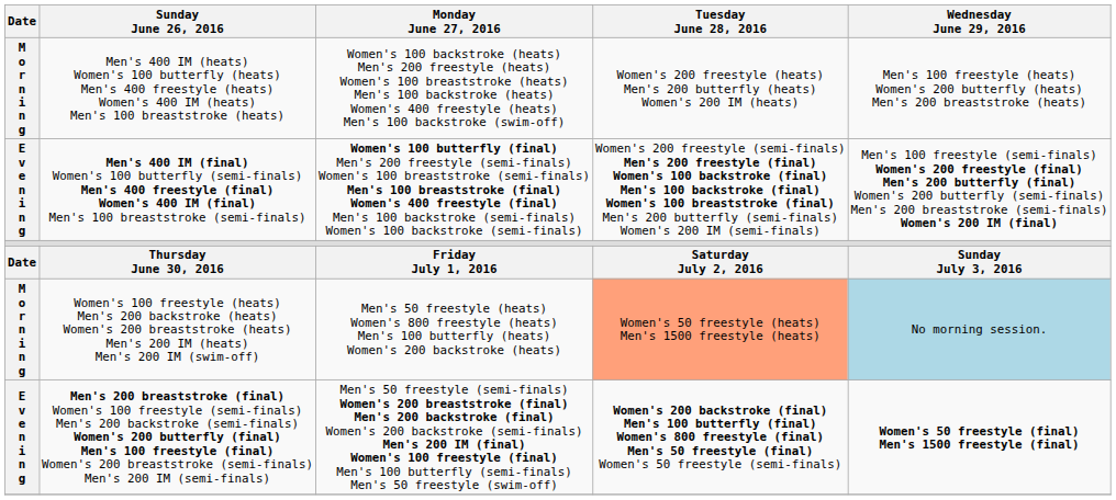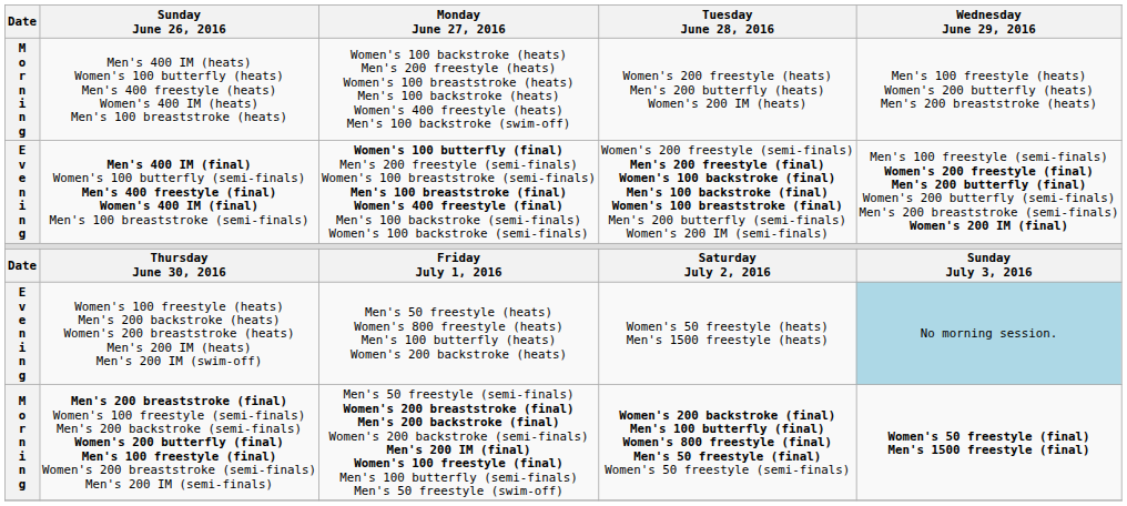 <table class=wikitable style="text-align:center">
 <tr bgcolor=#DDDDDD>
 <th>Date</th>
 <th>Sunday<br> June 26, 2016</th>
 <th>Monday <br> June 27, 2016</th>
 <th>Tuesday <br> June 28, 2016</th>
 <th>Wednesday <br> June 29, 2016</th>
 </tr>
 <tr>
 <th><strong>M<br> o<br> r<br> n<br> i<br> n<br> g</strong></th>
 <td>Men's 400 IM (heats)<br>Women's 100 butterfly (heats)<br>Men's 400 freestyle (heats)<br>Women's 400 IM (heats)<br>Men's 100 breaststroke (heats)</td>
 <td>Women's 100 backstroke (heats)<br>Men's 200 freestyle (heats)<br>Women's 100 breaststroke (heats)<br>Men's 100 backstroke (heats)<br>Women's 400 freestyle (heats)<br>Men's 100 backstroke (swim-off)</td>
 <td>Women's 200 freestyle (heats)<br>Men's 200 butterfly (heats)<br>Women's 200 IM (heats)</td>
 <td>Men's 100 freestyle (heats)<br>Women's 200 butterfly (heats)<br>Men's 200 breaststroke (heats)</td>
 </tr>
 <tr>
 <th><strong>E<br> v<br> e<br> n<br> i<br> n<br> g</strong></th>
 <td><strong>Men's 400 IM (final)</strong><br>Women's 100 butterfly (semi-finals)<br><strong>Men's 400 freestyle (final)</strong><br><strong>Women's 400 IM (final)</strong><br>Men's 100 breaststroke (semi-finals)</td>
 <td><strong>Women's 100 butterfly (final)</strong><br>Men's 200 freestyle (semi-finals)<br>Women's 100 breaststroke (semi-finals)<br><strong>Men's 100 breaststroke (final)</strong><br><strong>Women's 400 freestyle (final)</strong><br>Men's 100 backstroke (semi-finals)<br>Women's 100 backstroke (semi-finals)</td>
 <td>Women's 200 freestyle (semi-finals)<br><strong>Men's 200 freestyle (final)</strong><br><strong>Women's 100 backstroke (final)</strong><br><strong>Men's 100 backstroke (final)</strong><br><strong>Women's 100 breaststroke (final)</strong><br>Men's 200 butterfly (semi-finals)<br>Women's 200 IM (semi-finals)</td>
 <td>Men's 100 freestyle (semi-finals)<br><strong>Women's 200 freestyle (final)</strong><br><strong>Men's 200 butterfly (final)</strong><br>Women's 200 butterfly (semi-finals)<br>Men's 200 breaststroke (semi-finals)<br><strong>Women's 200 IM (final)</strong></td>
 </tr>
 <tr>
 <td bgcolor=#DDDDDD colspan=7></td>
 </tr>
 <tr bgcolor=#DDDDDD>
 <th>Date</th>
 <th>Thursday<br> June 30, 2016</th>
 <th>Friday <br> July 1, 2016</th>
 <th>Saturday <br> July 2, 2016</th>
 <th>Sunday <br> July 3, 2016</th>
 </tr>
 <tr>
-<th><strong>M<br> o<br> r<br> n<br> i<br> n<br> g</strong></th>
+<th><strong>E<br> v<br> e<br> n<br> i<br> n<br> g</strong></th>
 <td>Women's 100 freestyle (heats)<br>Men's 200 backstroke (heats)<br>Women's 200 breaststroke (heats)<br>Men's 200 IM (heats)<br>Men's 200 IM (swim-off)</td>
 <td>Men's 50 freestyle (heats)<br>Women's 800 freestyle (heats)<br>Men's 100 butterfly (heats)<br>Women's 200 backstroke (heats)</td>
-<td style="background: lightsalmon;">Women's 50 freestyle (heats)<br>Men's 1500 freestyle (heats)</td>
+<td>Women's 50 freestyle (heats)<br>Men's 1500 freestyle (heats)</td>
 <td style="background: lightblue;">No morning session.</td>
 </tr>
 <tr>
-<th><strong>E<br> v<br> e<br> n<br> i<br> n<br> g</strong></th>
+<th><strong>M<br> o<br> r<br> n<br> i<br> n<br> g</strong></th>
 <td><strong>Men's 200 breaststroke (final)</strong><br>Women's 100 freestyle (semi-finals)<br>Men's 200 backstroke (semi-finals)<br><strong>Women's 200 butterfly (final)</strong><br><strong>Men's 100 freestyle (final)</strong><br>Women's 200 breaststroke (semi-finals)<br>Men's 200 IM (semi-finals)</td>
 <td>Men's 50 freestyle (semi-finals)<br><strong>Women's 200 breaststroke (final)</strong><br><strong>Men's 200 backstroke (final)</strong><br>Women's 200 backstroke (semi-finals)<br><strong>Men's 200 IM (final)</strong><br><strong>Women's 100 freestyle (final)</strong><br>Men's 100 butterfly (semi-finals)<br>Men's 50 freestyle (swim-off)</td>
 <td><strong>Women's 200 backstroke (final)</strong><br><strong>Men's 100 butterfly (final)</strong><br><strong>Women's 800 freestyle (final)</strong><br><strong>Men's 50 freestyle (final)</strong><br>Women's 50 freestyle (semi-finals)</td>
 <td><strong>Women's 50 freestyle (final)</strong><br><strong>Men's 1500 freestyle (final)</strong></td>
 </tr>
 <tr>
 </tr>
 </table>
